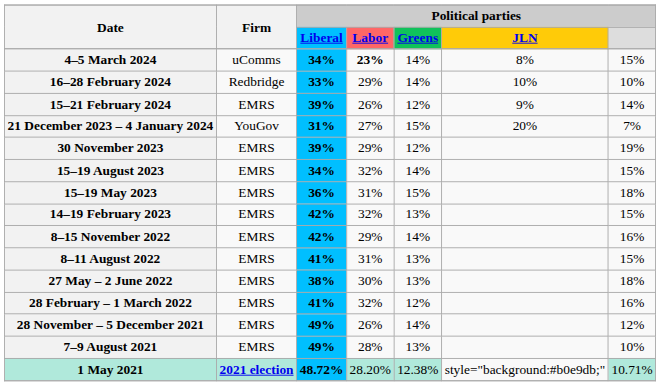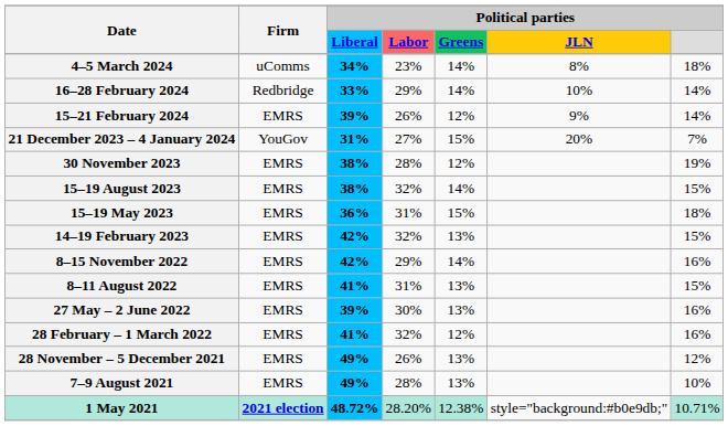 <table class="wikitable toccolours" cellpadding="5" cellspacing="0" style="float:left; text-align:center; margin-right:.5em; margin-top:.4em; font-size:90%;">
 <tr>
 </tr>
 <tr>
 <th rowspan="2">Date</th>
 <th rowspan="2">Firm</th>
 <th style="background:#ccc;" colspan="7">Political parties</th>
 </tr>
 <tr>
 <th style="background:#00bfff;"><a href='#'>Liberal</a></th>
 <th style="background:#f66;"><a href='#'>Labor</a></th>
 <th style="background:#10c25b;"><a href='#'>Greens</a></th>
 <th style="background:#ffcb08;"><a href='#'>JLN</a></th>
 <th style="background:#ddd;"></th>
 </tr>
 <tr>
 </tr>
 <tr>
 <th>4–5 March 2024</th>
 <td>uComms</td>
 <th style="background:#00bfff;"><strong>34%</strong></th>
-<td><strong>23%</strong></td>
+<td>23%</td>
 <td>14%</td>
 <td>8%</td>
-<td>15%</td>
+<td>18%</td>
 </tr>
 <tr>
 <th>16–28 February 2024</th>
 <td>Redbridge</td>
 <th style="background:#00bfff;"><strong>33%</strong></th>
 <td>29%</td>
 <td>14%</td>
 <td>10%</td>
-<td>10%</td>
+<td>14%</td>
 </tr>
 <tr>
 <th>15–21 February 2024</th>
 <td>EMRS</td>
 <th style="background:#00bfff;"><strong>39%</strong></th>
 <td>26%</td>
 <td>12%</td>
 <td>9%</td>
 <td>14%</td>
 </tr>
 <tr>
 <th>21 December 2023 – 4 January 2024</th>
 <td>YouGov</td>
 <th style="background:#00bfff;"><strong>31%</strong></th>
 <td>27%</td>
 <td>15%</td>
 <td>20%</td>
 <td>7%</td>
 </tr>
 <tr>
 <th>30 November 2023</th>
 <td>EMRS</td>
-<th style="background:#00bfff;"><strong>39%</strong></th>
-<td>29%</td>
+<th style="background:#00bfff;"><strong>38%</strong></th>
+<td>28%</td>
 <td>12%</td>
 <td></td>
 <td>19%</td>
 </tr>
 <tr>
 <th>15–19 August 2023</th>
 <td>EMRS</td>
-<th style="background:#00bfff;"><strong>34%</strong></th>
+<th style="background:#00bfff;"><strong>38%</strong></th>
 <td>32%</td>
 <td>14%</td>
 <td></td>
 <td>15%</td>
 </tr>
 <tr>
 <th>15–19 May 2023</th>
 <td>EMRS</td>
 <th style="background:#00bfff;"><strong>36%</strong></th>
 <td>31%</td>
 <td>15%</td>
 <td></td>
 <td>18%</td>
 </tr>
 <tr>
 <th>14–19 February 2023</th>
 <td>EMRS</td>
 <th style="background:#00bfff;"><strong>42%</strong></th>
 <td>32%</td>
 <td>13%</td>
 <td></td>
 <td>15%</td>
 </tr>
 <tr>
 <th>8–15 November 2022</th>
 <td>EMRS</td>
 <th style="background:#00bfff;"><strong>42%</strong></th>
 <td>29%</td>
 <td>14%</td>
 <td></td>
 <td>16%</td>
 </tr>
 <tr>
 <th>8–11 August 2022</th>
 <td>EMRS</td>
 <th style="background:#00bfff;"><strong>41%</strong></th>
 <td>31%</td>
 <td>13%</td>
 <td></td>
 <td>15%</td>
 </tr>
 <tr>
 <th>27 May – 2 June 2022</th>
 <td>EMRS</td>
-<th style="background:#00bfff;"><strong>38%</strong></th>
+<th style="background:#00bfff;"><strong>39%</strong></th>
 <td>30%</td>
 <td>13%</td>
 <td></td>
-<td>18%</td>
+<td>16%</td>
 </tr>
 <tr>
 <th>28 February – 1 March 2022</th>
 <td>EMRS</td>
 <th style="background:#00bfff;"><strong>41%</strong></th>
 <td>32%</td>
 <td>12%</td>
 <td></td>
 <td>16%</td>
 </tr>
 <tr>
 <th>28 November – 5 December 2021</th>
 <td>EMRS</td>
 <th style="background:#00bfff;"><strong>49%</strong></th>
 <td>26%</td>
-<td>14%</td>
+<td>13%</td>
 <td></td>
 <td>12%</td>
 </tr>
 <tr>
 <th>7–9 August 2021</th>
 <td>EMRS</td>
 <th style="background:#00bfff;"><strong>49%</strong></th>
 <td>28%</td>
 <td>13%</td>
 <td></td>
 <td>10%</td>
 </tr>
 <tr>
 <th style="background:#b0e9db;">1 May 2021</th>
 <th style="background:#b0e9db;"><a href='#'>2021 election</a></th>
 <td style="background:#00bfff;"><strong>48.72%</strong></td>
 <td style="background:#b0e9db;">28.20%</td>
 <td style="background:#b0e9db;">12.38%</td>
 <td>style="background:#b0e9db;" </td>
 <td style="background:#b0e9db;">10.71%</td>
 </tr>
 <tr>
 </tr>
 </table>
